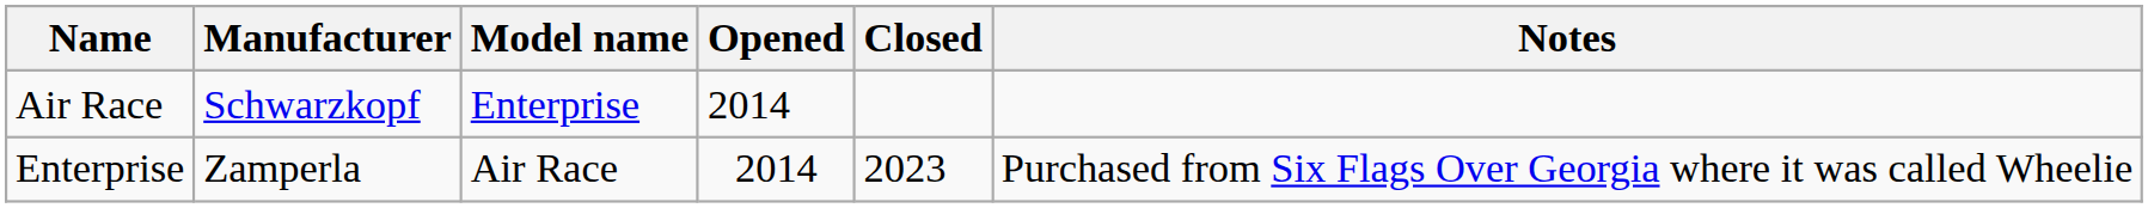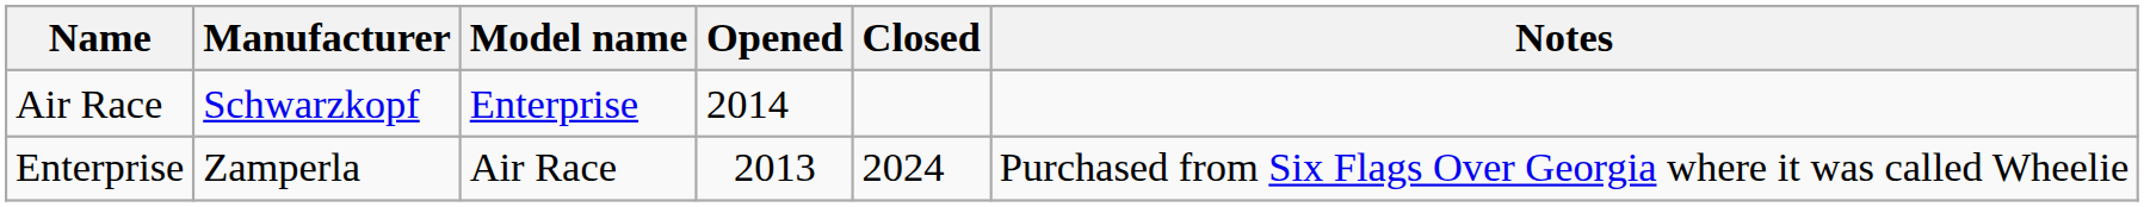 <table class="wikitable sortable">
 <tr>
 <th>Name</th>
 <th>Manufacturer</th>
 <th>Model name</th>
 <th>Opened</th>
 <th>Closed</th>
 <th>Notes</th>
 </tr>
 <tr>
 <td>Air Race</td>
 <td><a href='#'>Schwarzkopf</a></td>
 <td><a href='#'>Enterprise</a></td>
 <td>2014</td>
 <td></td>
 <td></td>
 </tr>
 <tr>
 <td>Enterprise</td>
 <td>Zamperla</td>
 <td>Air Race</td>
-<td align=center>2014</td>
-<td>2023</td>
+<td align=center>2013</td>
+<td>2024</td>
 <td>Purchased from <a href='#'>Six Flags Over Georgia</a> where it was called Wheelie</td>
 </tr>
 </table>
